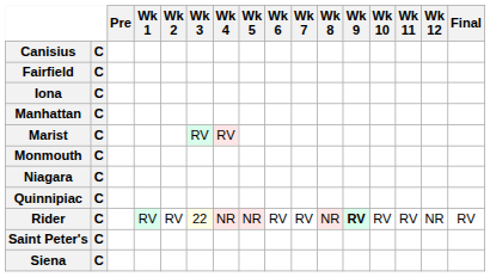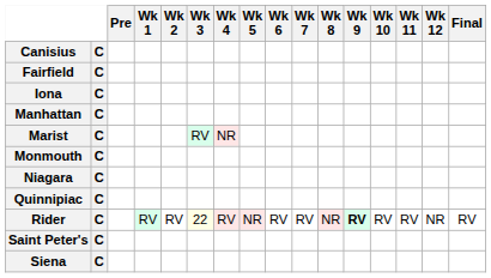 <table class="wikitable" style="white-space:nowrap;font-size:90%;">
 <tr>
 <th colspan=2 style="background:white; border-top-style:hidden; border-left-style:hidden;"> </th>
 <th>Pre</th>
 <th>Wk<br>1</th>
 <th>Wk<br>2</th>
 <th>Wk<br>3</th>
 <th>Wk<br>4</th>
 <th>Wk<br>5</th>
 <th>Wk<br>6</th>
 <th>Wk<br>7</th>
 <th>Wk<br>8</th>
 <th>Wk<br>9</th>
 <th>Wk<br>10</th>
 <th>Wk<br>11</th>
 <th>Wk<br>12</th>
 <th>Final</th>
 </tr>
 <tr style="text-align:center;">
 <th style="background:#">Canisius</th>
 <th>C</th>
 <td style="background:#FFF;"></td>
 <td style="background:#FFF;"></td>
 <td style="background:#FFF;"></td>
 <td style="background:#FFF;"></td>
 <td style="background:#FFF;"></td>
 <td style="background:#FFF;"></td>
 <td style="background:#FFF;"></td>
 <td style="background:#FFF;"></td>
 <td style="background:#FFF;"></td>
 <td style="background:#FFF;"></td>
 <td style="background:#FFF;"></td>
 <td style="background:#FFF;"></td>
 <td style="background:#FFF;"></td>
 <td style="background:#FFF;"></td>
 </tr>
 <tr style="text-align:center;">
 <th style="background:#">Fairfield</th>
 <th>C</th>
 <td style="background:#FFF;"></td>
 <td style="background:#FFF;"></td>
 <td style="background:#FFF;"></td>
 <td style="background:#FFF;"></td>
 <td style="background:#FFF;"></td>
 <td style="background:#FFF;"></td>
 <td style="background:#FFF;"></td>
 <td style="background:#FFF;"></td>
 <td style="background:#FFF;"></td>
 <td style="background:#FFF;"></td>
 <td style="background:#FFF;"></td>
 <td style="background:#FFF;"></td>
 <td style="background:#FFF;"></td>
 <td style="background:#FFF;"></td>
 </tr>
 <tr style="text-align:center;">
 <th style="background:#">Iona</th>
 <th>C</th>
 <td style="background:#FFF;"></td>
 <td style="background:#FFF;"></td>
 <td style="background:#FFF;"></td>
 <td style="background:#FFF;"></td>
 <td style="background:#FFF;"></td>
 <td style="background:#FFF;"></td>
 <td style="background:#FFF;"></td>
 <td style="background:#FFF;"></td>
 <td style="background:#FFF;"></td>
 <td style="background:#FFF;"></td>
 <td style="background:#FFF;"></td>
 <td style="background:#FFF;"></td>
 <td style="background:#FFF;"></td>
 <td style="background:#FFF;"></td>
 </tr>
 <tr style="text-align:center;">
 <th style="background:#">Manhattan</th>
 <th>C</th>
 <td style="background:#FFF;"></td>
 <td style="background:#FFF;"></td>
 <td style="background:#FFF;"></td>
 <td style="background:#FFF;"></td>
 <td style="background:#FFF;"></td>
 <td style="background:#FFF;"></td>
 <td style="background:#FFF;"></td>
 <td style="background:#FFF;"></td>
 <td style="background:#FFF;"></td>
 <td style="background:#FFF;"></td>
 <td style="background:#FFF;"></td>
 <td style="background:#FFF;"></td>
 <td style="background:#FFF;"></td>
 <td style="background:#FFF;"></td>
 </tr>
 <tr style="text-align:center;">
 <th style="background:#">Marist</th>
 <th>C</th>
 <td style="background:#FFF;"></td>
 <td style="background:#FFF;"></td>
 <td style="background:#FFF;"></td>
 <td style="background:#D8FFEB;"> RV</td>
-<td style="background:#FFE6E6;"> RV</td>
+<td style="background:#FFE6E6;"> NR</td>
 <td style="background:#FFF;"></td>
 <td style="background:#FFF;"></td>
 <td style="background:#FFF;"></td>
 <td style="background:#FFF;"></td>
 <td style="background:#FFF;"></td>
 <td style="background:#FFF;"></td>
 <td style="background:#FFF;"></td>
 <td style="background:#FFF;"></td>
 <td style="background:#FFF;"></td>
 </tr>
 <tr style="text-align:center;">
 <th style="background:#">Monmouth</th>
 <th>C</th>
 <td style="background:#FFF;"></td>
 <td style="background:#FFF;"></td>
 <td style="background:#FFF;"></td>
 <td style="background:#FFF;"></td>
 <td style="background:#FFF;"></td>
 <td style="background:#FFF;"></td>
 <td style="background:#FFF;"></td>
 <td style="background:#FFF;"></td>
 <td style="background:#FFF;"></td>
 <td style="background:#FFF;"></td>
 <td style="background:#FFF;"></td>
 <td style="background:#FFF;"></td>
 <td style="background:#FFF;"></td>
 <td style="background:#FFF;"></td>
 </tr>
 <tr style="text-align:center;">
 <th style="background:#">Niagara</th>
 <th>C</th>
 <td style="background:#FFF;"></td>
 <td style="background:#FFF;"></td>
 <td style="background:#FFF;"></td>
 <td style="background:#FFF;"></td>
 <td style="background:#FFF;"></td>
 <td style="background:#FFF;"></td>
 <td style="background:#FFF;"></td>
 <td style="background:#FFF;"></td>
 <td style="background:#FFF;"></td>
 <td style="background:#FFF;"></td>
 <td style="background:#FFF;"></td>
 <td style="background:#FFF;"></td>
 <td style="background:#FFF;"></td>
 <td style="background:#FFF;"></td>
 </tr>
 <tr style="text-align:center;">
 <th style="background:#">Quinnipiac</th>
 <th>C</th>
 <td style="background:#FFF;"></td>
 <td style="background:#FFF;"></td>
 <td style="background:#FFF;"></td>
 <td style="background:#FFF;"></td>
 <td style="background:#FFF;"></td>
 <td style="background:#FFF;"></td>
 <td style="background:#FFF;"></td>
 <td style="background:#FFF;"></td>
 <td style="background:#FFF;"></td>
 <td style="background:#FFF;"></td>
 <td style="background:#FFF;"></td>
 <td style="background:#FFF;"></td>
 <td style="background:#FFF;"></td>
 <td style="background:#FFF;"></td>
 </tr>
 <tr style="text-align:center;">
 <th style="background:#">Rider</th>
 <th>C</th>
 <td style="background:#FFF;"></td>
 <td style="background:#D8FFEB;"> RV</td>
 <td style="background:#FFF;"> RV</td>
 <td style="background:#FFFFE6;"> 22</td>
-<td style="background:#FFE6E6;"> NR</td>
+<td style="background:#FFE6E6;"> RV</td>
 <td style="background:#FFE6E6;"> NR</td>
 <td style="background:#FFF;"> RV</td>
 <td style="background:#FFF;"> RV</td>
 <td style="background:#FFE6E6;"> NR</td>
 <td style="background:#D8FFEB;"><strong> RV</strong></td>
 <td style="background:#FFF;"> RV</td>
 <td style="background:#FFF;"> RV</td>
 <td style="background:#FFF;"> NR</td>
 <td style="background:#FFF;"> RV</td>
 </tr>
 <tr style="text-align:center;">
 <th style="background:#">Saint Peter's</th>
 <th>C</th>
 <td style="background:#FFF;"></td>
 <td style="background:#FFF;"></td>
 <td style="background:#FFF;"></td>
 <td style="background:#FFF;"></td>
 <td style="background:#FFF;"></td>
 <td style="background:#FFF;"></td>
 <td style="background:#FFF;"></td>
 <td style="background:#FFF;"></td>
 <td style="background:#FFF;"></td>
 <td style="background:#FFF;"></td>
 <td style="background:#FFF;"></td>
 <td style="background:#FFF;"></td>
 <td style="background:#FFF;"></td>
 <td style="background:#FFF;"></td>
 </tr>
 <tr style="text-align:center;">
 <th style="background:#">Siena</th>
 <th>C</th>
 <td style="background:#FFF;"></td>
 <td style="background:#FFF;"></td>
 <td style="background:#FFF;"></td>
 <td style="background:#FFF;"></td>
 <td style="background:#FFF;"></td>
 <td style="background:#FFF;"></td>
 <td style="background:#FFF;"></td>
 <td style="background:#FFF;"></td>
 <td style="background:#FFF;"></td>
 <td style="background:#FFF;"></td>
 <td style="background:#FFF;"></td>
 <td style="background:#FFF;"></td>
 <td style="background:#FFF;"></td>
 <td style="background:#FFF;"></td>
 </tr>
 </table>
